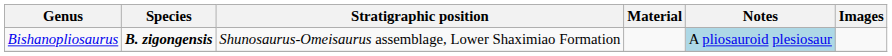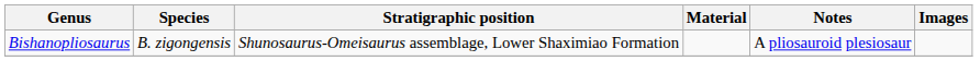 <table class = "wikitable">
 <tr>
 <th>Genus</th>
 <th>Species</th>
 <th>Stratigraphic position</th>
 <th>Material</th>
 <th>Notes</th>
 <th>Images</th>
 </tr>
 <tr>
 <td><em><a href='#'>Bishanopliosaurus</a></em></td>
-<td><strong><em>B. zigongensis</em></strong></td>
+<td><em>B. zigongensis</em></td>
 <td><em>Shunosaurus</em>-<em>Omeisaurus</em> assemblage, Lower Shaximiao Formation</td>
 <td></td>
-<td style="background: lightblue;">A <a href='#'>pliosauroid</a> <a href='#'>plesiosaur</a></td>
+<td>A <a href='#'>pliosauroid</a> <a href='#'>plesiosaur</a></td>
 <td></td>
 </tr>
 <tr>
 </tr>
 </table>
